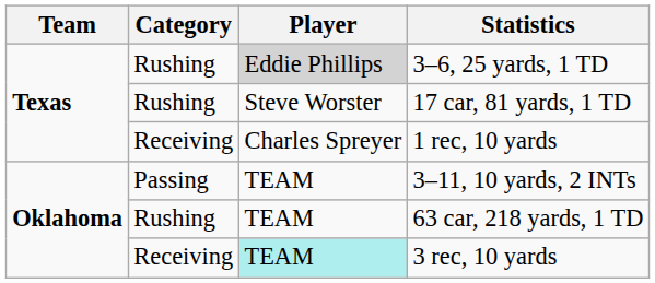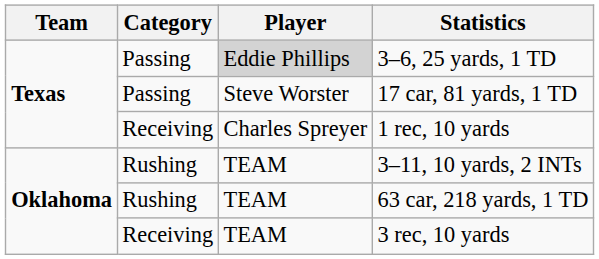 <table class="wikitable" style="float: right;">
 <tr>
 <th>Team</th>
 <th>Category</th>
 <th>Player</th>
 <th>Statistics</th>
 </tr>
 <tr>
 <td rowspan=3><strong>Texas</strong></td>
-<td>Rushing</td>
+<td>Passing</td>
 <td style="background: lightgrey;">Eddie Phillips</td>
 <td>3–6, 25 yards, 1 TD</td>
 </tr>
 <tr>
-<td>Rushing</td>
+<td>Passing</td>
 <td>Steve Worster</td>
 <td>17 car, 81 yards, 1 TD</td>
 </tr>
 <tr>
 <td>Receiving</td>
 <td>Charles Spreyer</td>
 <td>1 rec, 10 yards</td>
 </tr>
 <tr>
 <td rowspan=3><strong>Oklahoma</strong></td>
-<td>Passing</td>
+<td>Rushing</td>
 <td>TEAM</td>
 <td>3–11, 10 yards, 2 INTs</td>
 </tr>
 <tr>
 <td>Rushing</td>
 <td>TEAM</td>
 <td>63 car, 218 yards, 1 TD</td>
 </tr>
 <tr>
 <td>Receiving</td>
-<td style="background: paleturquoise;">TEAM</td>
+<td>TEAM</td>
 <td>3 rec, 10 yards</td>
 </tr>
 </table>
